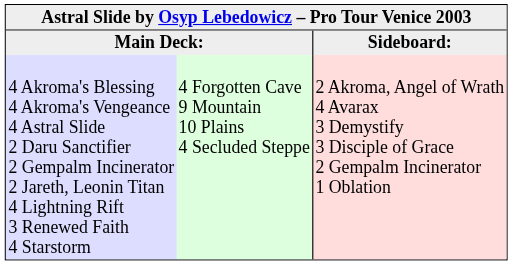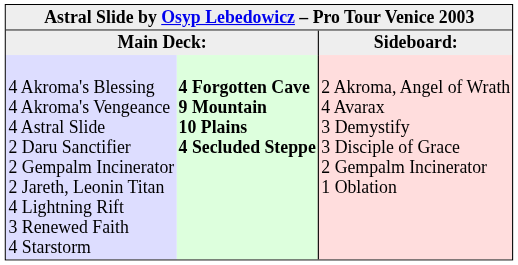 <table border="0" cellspacing="0" cellpadding="2" style="border: 1px solid black; margin-left: 1ex;">
 <tr>
 <th colspan="3" style="background-color: #eee; border-bottom: 1px solid black;">Astral Slide by <a href='#'>Osyp Lebedowicz</a> – Pro Tour Venice 2003</th>
 </tr>
 <tr style="background-color: #eee;">
 <th colspan="2">Main Deck:</th>
 <th style="border-left: 1px solid black;">Sideboard:</th>
 </tr>
 <tr valign="top">
 <td style="background-color: #ddf;"><br>4 Akroma's Blessing<br> 4 Akroma's Vengeance<br> 4 Astral Slide<br> 2 Daru Sanctifier<br> 2 Gempalm Incinerator<br> 2 Jareth, Leonin Titan<br> 4 Lightning Rift<br> 3 Renewed Faith<br> 4 Starstorm</td>
-<td style="background-color: #dfd;"><br>4 Forgotten Cave<br> 9 Mountain<br> 10 Plains<br> 4 Secluded Steppe</td>
+<td style="background-color: #dfd;"><strong><br>4 Forgotten Cave<br> 9 Mountain<br> 10 Plains<br> 4 Secluded Steppe</strong></td>
 <td style="background-color: #fdd; border-left: 1px solid black;"><br>2 Akroma, Angel of Wrath<br> 4 Avarax<br> 3 Demystify<br> 3 Disciple of Grace<br> 2 Gempalm Incinerator<br> 1 Oblation</td>
 </tr>
 </table>
